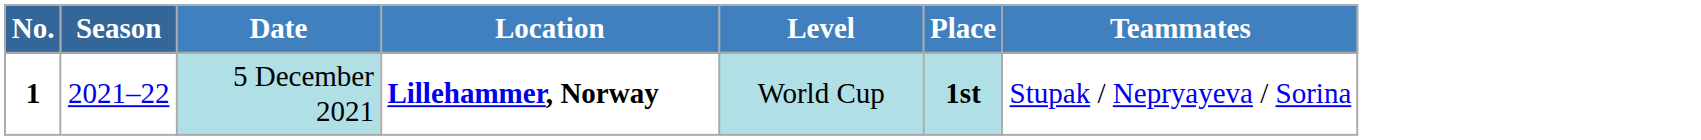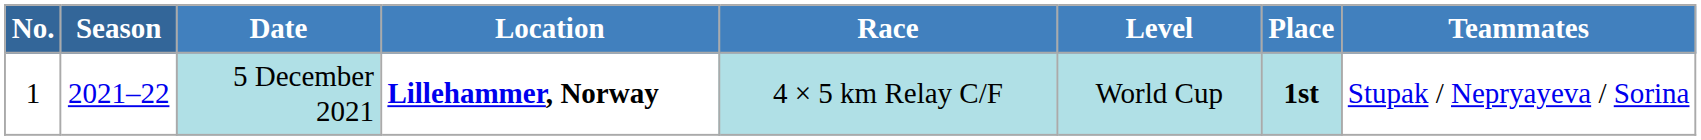 <table class="wikitable sortable" style="font-size:95%; text-align:center; border:grey solid 1px; border-collapse:collapse; background:#ffffff;">
 <tr style="background:#efefef;">
 <th style="background-color:#369; color:white;">No.</th>
 <th style="background-color:#369; color:white;">Season</th>
 <th style="background-color:#4180be; color:white; width:100px;">Date</th>
 <th style="background-color:#4180be; color:white; width:170px;">Location</th>
+<th style="background-color:#4180be; color:white; width:170px;">Race</th>
 <th style="background-color:#4180be; color:white; width:100px;">Level</th>
 <th style="background-color:#4180be; color:white;">Place</th>
 <th style="background-color:#4180be; color:white;">Teammates</th>
 </tr>
 <tr>
-<td align=center><strong>1</strong></td>
+<td align=center>1</td>
 <td align=center><a href='#'>2021–22</a></td>
 <td bgcolor="#BOEOE6" align=right>5 December 2021</td>
 <td align=left><strong> <a href='#'>Lillehammer</a>, Norway</strong></td>
+<td bgcolor="#BOEOE6">4 × 5 km Relay C/F</td>
 <td bgcolor="#BOEOE6">World Cup</td>
 <td bgcolor="#BOEOE6"><strong>1st</strong></td>
 <td><a href='#'>Stupak</a> / <a href='#'>Nepryayeva</a> / <a href='#'>Sorina</a></td>
 </tr>
 </table>
